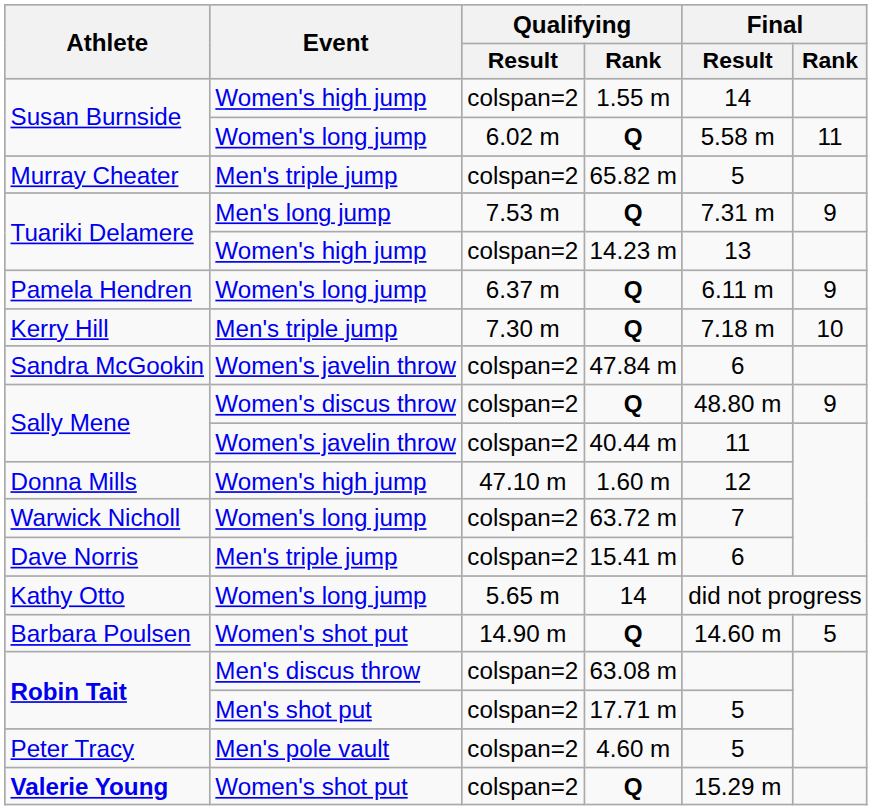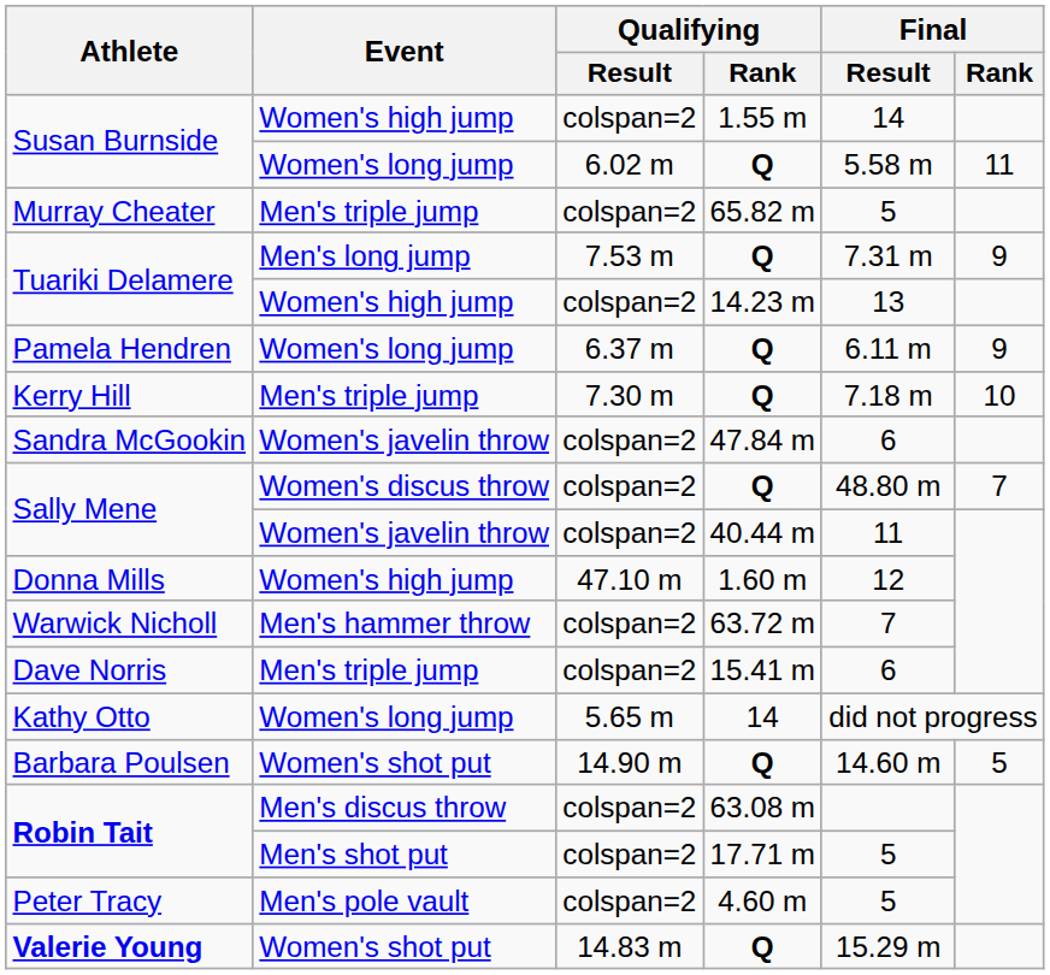 <table class=wikitable style=font-size:90%>
 <tr>
 <th rowspan=2>Athlete</th>
 <th rowspan=2>Event</th>
 <th colspan=2>Qualifying</th>
 <th colspan=2>Final</th>
 </tr>
 <tr style=font-size:95%>
 <th>Result</th>
 <th>Rank</th>
 <th>Result</th>
 <th>Rank</th>
 </tr>
 <tr align=center>
 <td align=left rowspan=2><a href='#'>Susan Burnside</a></td>
 <td align=left><a href='#'>Women's high jump</a></td>
 <td>colspan=2 </td>
 <td>1.55 m</td>
 <td>14</td>
 </tr>
 <tr align=center>
 <td align=left><a href='#'>Women's long jump</a></td>
 <td>6.02 m</td>
 <td><strong>Q</strong></td>
 <td>5.58 m</td>
 <td>11</td>
 </tr>
 <tr align=center>
 <td align=left><a href='#'>Murray Cheater</a></td>
 <td align=left><a href='#'>Men's triple jump</a></td>
 <td>colspan=2 </td>
 <td>65.82 m</td>
 <td>5</td>
 </tr>
 <tr align=center>
 <td align=left rowspan=2><a href='#'>Tuariki Delamere</a></td>
 <td align=left><a href='#'>Men's long jump</a></td>
 <td>7.53 m</td>
 <td><strong>Q</strong></td>
 <td>7.31 m</td>
 <td>9</td>
 </tr>
 <tr align=center>
 <td align=left><a href='#'>Women's high jump</a></td>
 <td>colspan=2 </td>
 <td>14.23 m</td>
 <td>13</td>
 </tr>
 <tr align=center>
 <td align=left><a href='#'>Pamela Hendren</a></td>
 <td align=left><a href='#'>Women's long jump</a></td>
 <td>6.37 m</td>
 <td><strong>Q</strong></td>
 <td>6.11 m</td>
 <td>9</td>
 </tr>
 <tr align=center>
 <td align=left><a href='#'>Kerry Hill</a></td>
 <td align=left><a href='#'>Men's triple jump</a></td>
 <td>7.30 m</td>
 <td><strong>Q</strong></td>
 <td>7.18 m</td>
 <td>10</td>
 </tr>
 <tr align=center>
 <td align=left><a href='#'>Sandra McGookin</a></td>
 <td align=left><a href='#'>Women's javelin throw</a></td>
 <td>colspan=2 </td>
 <td>47.84 m</td>
 <td>6</td>
 </tr>
 <tr align=center>
 <td align=left rowspan=2><a href='#'>Sally Mene</a></td>
 <td align=left><a href='#'>Women's discus throw</a></td>
 <td>colspan=2 </td>
 <td><strong>Q</strong></td>
 <td>48.80 m</td>
-<td>9</td>
+<td>7</td>
 </tr>
 <tr align=center>
 <td align=left><a href='#'>Women's javelin throw</a></td>
 <td>colspan=2 </td>
 <td>40.44 m</td>
 <td>11</td>
 </tr>
 <tr align=center>
 <td align=left><a href='#'>Donna Mills</a></td>
 <td align=left><a href='#'>Women's high jump</a></td>
 <td>47.10 m</td>
 <td>1.60 m</td>
 <td>12</td>
 </tr>
 <tr align=center>
 <td align=left><a href='#'>Warwick Nicholl</a></td>
-<td align=left><a href='#'>Women's long jump</a></td>
+<td align=left><a href='#'>Men's hammer throw</a></td>
 <td>colspan=2 </td>
 <td>63.72 m</td>
 <td>7</td>
 </tr>
 <tr align=center>
 <td align=left><a href='#'>Dave Norris</a></td>
 <td align=left><a href='#'>Men's triple jump</a></td>
 <td>colspan=2 </td>
 <td>15.41 m</td>
 <td>6</td>
 </tr>
 <tr align=center>
 <td align=left><a href='#'>Kathy Otto</a></td>
 <td align=left><a href='#'>Women's long jump</a></td>
 <td>5.65 m</td>
 <td>14</td>
 <td colspan=2>did not progress</td>
 </tr>
 <tr align=center>
 <td align=left><a href='#'>Barbara Poulsen</a></td>
 <td align=left><a href='#'>Women's shot put</a></td>
 <td>14.90 m</td>
 <td><strong>Q</strong></td>
 <td>14.60 m</td>
 <td>5</td>
 </tr>
 <tr align=center>
 <td align=left rowspan=2><strong><a href='#'>Robin Tait</a></strong></td>
 <td align=left><a href='#'>Men's discus throw</a></td>
 <td>colspan=2 </td>
 <td>63.08 m</td>
 <td></td>
 </tr>
 <tr align=center>
 <td align=left><a href='#'>Men's shot put</a></td>
 <td>colspan=2 </td>
 <td>17.71 m</td>
 <td>5</td>
 </tr>
 <tr align=center>
 <td align=left><a href='#'>Peter Tracy</a></td>
 <td align=left><a href='#'>Men's pole vault</a></td>
 <td>colspan=2 </td>
 <td>4.60 m</td>
 <td>5</td>
 </tr>
 <tr align=center>
 <td align=left><strong><a href='#'>Valerie Young</a></strong></td>
 <td align=left><a href='#'>Women's shot put</a></td>
-<td>colspan=2 </td>
+<td>14.83 m</td>
 <td><strong>Q</strong></td>
 <td>15.29 m</td>
 <td></td>
 </tr>
 </table>
